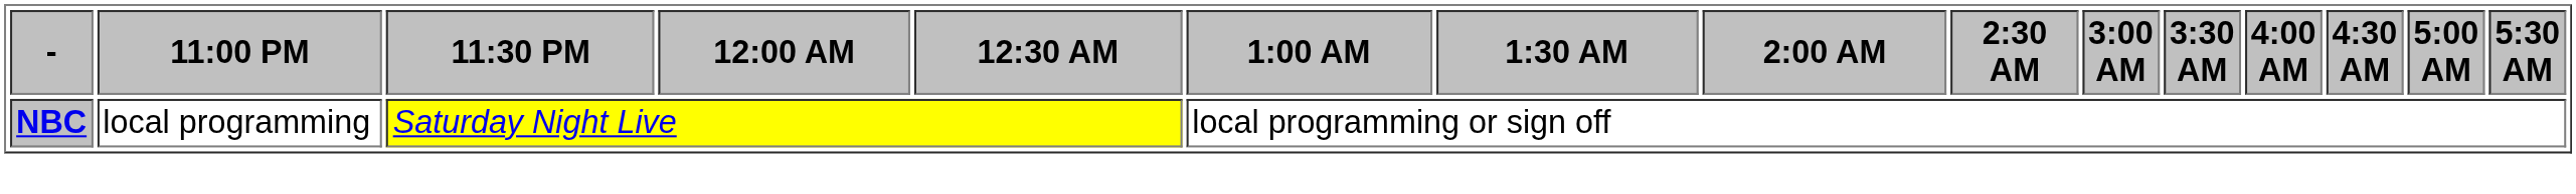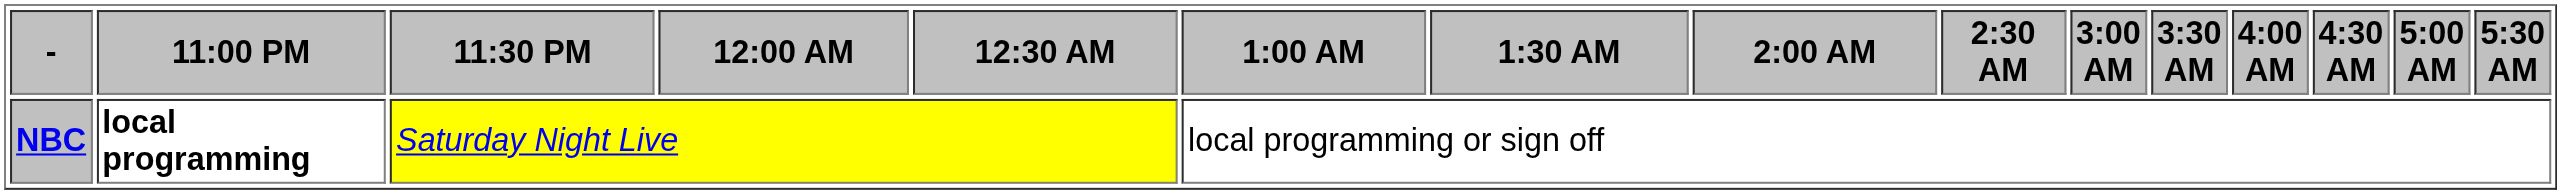 <table border="1" cellpadding="2">
 <tr>
 <th bgcolor="#C0C0C0">-</th>
 <th width="13%" bgcolor="#C0C0C0">11:00 PM</th>
 <th width="14%" bgcolor="#C0C0C0">11:30 PM</th>
 <th width="13%" bgcolor="#C0C0C0">12:00 AM</th>
 <th width="14%" bgcolor="#C0C0C0">12:30 AM</th>
 <th width="13%" bgcolor="#C0C0C0">1:00 AM</th>
 <th width="14%" bgcolor="#C0C0C0">1:30 AM</th>
 <th width="13%" bgcolor="#C0C0C0">2:00 AM</th>
 <th width="14%" bgcolor="#C0C0C0">2:30 AM</th>
 <th width="13%" bgcolor="#C0C0C0">3:00 AM</th>
 <th width="14%" bgcolor="#C0C0C0">3:30 AM</th>
 <th width="13%" bgcolor="#C0C0C0">4:00 AM</th>
 <th width="14%" bgcolor="#C0C0C0">4:30 AM</th>
 <th width="13%" bgcolor="#C0C0C0">5:00 AM</th>
 <th width="14%" bgcolor="#C0C0C0">5:30 AM</th>
 </tr>
 <tr>
 <th bgcolor="#C0C0C0"><a href='#'>NBC</a></th>
-<td bgcolor="white">local programming</td>
+<td bgcolor="white"><strong>local programming</strong></td>
 <td bgcolor="yellow" colspan="3"><em><a href='#'>Saturday Night Live</a></em></td>
 <td bgcolor="white" colspan="10">local programming or sign off</td>
 </tr>
 </table>
